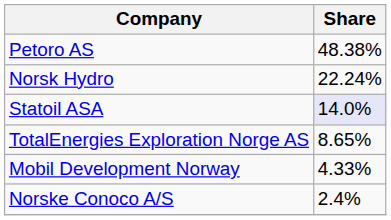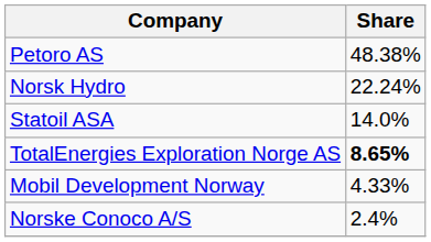 <table class=wikitable>
 <tr>
 <th>Company</th>
 <th>Share</th>
 </tr>
 <tr>
 <td><a href='#'>Petoro AS</a></td>
 <td>48.38%</td>
 </tr>
 <tr>
 <td><a href='#'>Norsk Hydro</a></td>
 <td>22.24%</td>
 </tr>
 <tr>
 <td><a href='#'>Statoil ASA</a></td>
-<td style="background: lavender;">14.0%</td>
+<td>14.0%</td>
 </tr>
 <tr>
 <td><a href='#'>TotalEnergies Exploration Norge AS</a></td>
-<td>8.65%</td>
+<td><strong>8.65%</strong></td>
 </tr>
 <tr>
 <td><a href='#'>Mobil Development Norway</a></td>
 <td>4.33%</td>
 </tr>
 <tr>
 <td><a href='#'>Norske Conoco A/S</a></td>
 <td>2.4%</td>
 </tr>
 <tr>
 </tr>
 </table>
